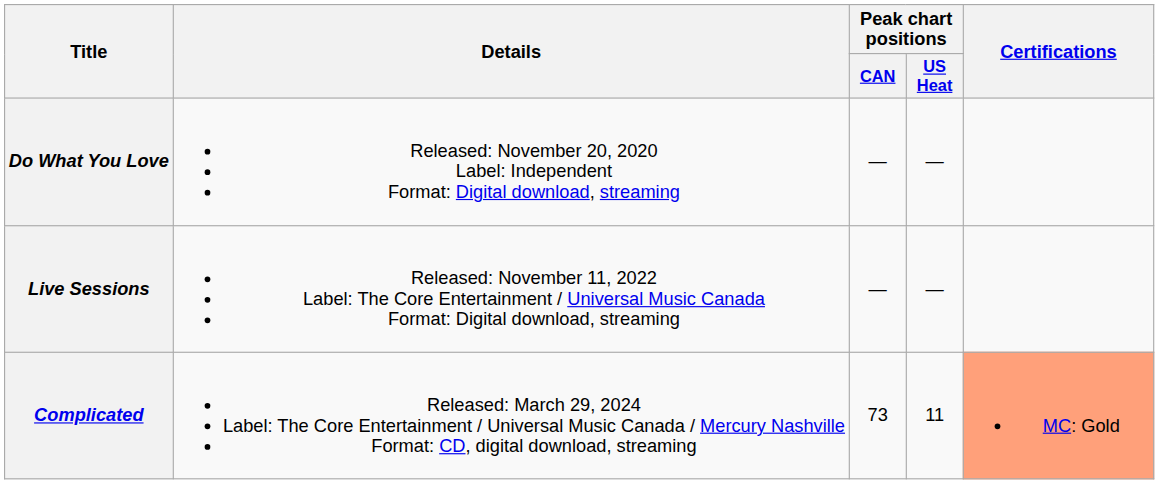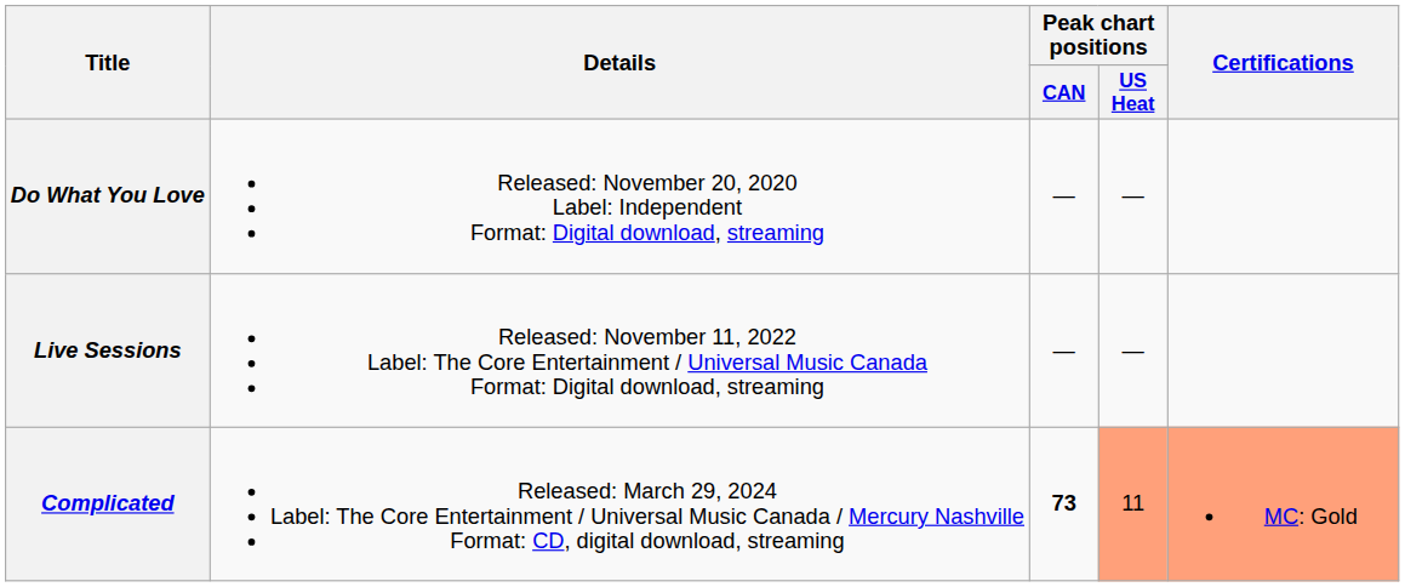 <table class="wikitable plainrowheaders" style="text-align:center;">
 <tr>
 <th scope="col" rowspan="2">Title</th>
 <th scope="col" rowspan="2">Details</th>
 <th scope="col" colspan="2">Peak chart positions</th>
 <th rowspan="2" style="width:10em;"><a href='#'>Certifications</a></th>
 </tr>
 <tr>
 <th scope="col" style="width:3em;font-size:90%;"><a href='#'>CAN</a><br></th>
 <th scope="col" style="width:3em;font-size:90%;"><a href='#'>US Heat</a><br></th>
 </tr>
 <tr>
 <th scope="row"><em>Do What You Love</em></th>
 <td><br><ul><li>Released: November 20, 2020</li><li>Label: Independent</li><li>Format: <a href='#'>Digital download</a>, <a href='#'>streaming</a></li></ul></td>
 <td>—</td>
 <td>—</td>
 <td></td>
 </tr>
 <tr>
 <th scope="row"><em>Live Sessions</em></th>
 <td><br><ul><li>Released: November 11, 2022</li><li>Label: The Core Entertainment / <a href='#'>Universal Music Canada</a></li><li>Format: Digital download, streaming</li></ul></td>
 <td>—</td>
 <td>—</td>
 <td></td>
 </tr>
 <tr>
 <th scope="row"><em><a href='#'>Complicated</a></em></th>
 <td><br><ul><li>Released: March 29, 2024</li><li>Label: The Core Entertainment / Universal Music Canada / <a href='#'>Mercury Nashville</a></li><li>Format: <a href='#'>CD</a>, digital download, streaming</li></ul></td>
-<td>73</td>
-<td>11</td>
+<td><strong>73</strong></td>
+<td style="background: lightsalmon;">11</td>
 <td style="background: lightsalmon;"><br><ul><li><a href='#'>MC</a>: Gold</li></ul></td>
 </tr>
 </table>
